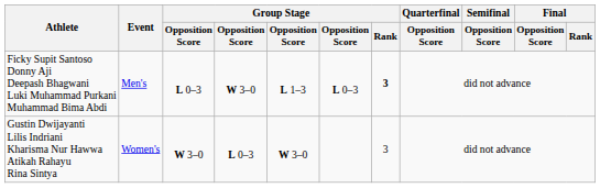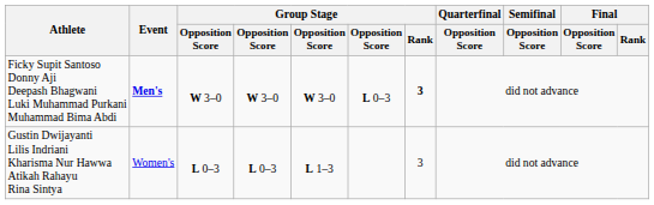 <table class=wikitable style=font-size:87%;text-align:center>
 <tr>
 <th rowspan="2">Athlete</th>
 <th rowspan="2">Event</th>
 <th colspan="5">Group Stage</th>
 <th>Quarterfinal</th>
 <th>Semifinal</th>
 <th colspan="2">Final</th>
 </tr>
 <tr style="font-size:95%">
 <th>Opposition<br>Score</th>
 <th>Opposition<br>Score</th>
 <th>Opposition<br>Score</th>
 <th>Opposition<br>Score</th>
 <th>Rank</th>
 <th>Opposition<br>Score</th>
 <th>Opposition<br>Score</th>
 <th>Opposition<br>Score</th>
 <th>Rank</th>
 </tr>
 <tr>
 <td align=left>Ficky Supit Santoso<br>Donny Aji<br>Deepash Bhagwani<br>Luki Muhammad Purkani<br>Muhammad Bima Abdi</td>
-<td align=left><a href='#'>Men's</a></td>
-<td><br><strong>L</strong> 0–3</td>
+<td align=left><strong><a href='#'>Men's</a></strong></td>
 <td><br><strong>W</strong> 3–0</td>
-<td><br><strong>L</strong> 1–3</td>
+<td><br><strong>W</strong> 3–0</td>
+<td><br><strong>W</strong> 3–0</td>
 <td><br><strong>L</strong> 0–3</td>
 <td><strong>3</strong></td>
 <td colspan=4>did not advance</td>
 </tr>
 <tr>
 <td align=left>Gustin Dwijayanti<br>Lilis Indriani<br>Kharisma Nur Hawwa<br>Atikah Rahayu<br>Rina Sintya</td>
 <td align=left><a href='#'>Women's</a></td>
-<td><br><strong>W</strong> 3–0</td>
 <td><br><strong>L</strong> 0–3</td>
-<td><br><strong>W</strong> 3–0</td>
+<td><br><strong>L</strong> 0–3</td>
+<td><br><strong>L</strong> 1–3</td>
 <td></td>
 <td>3</td>
 <td colspan=4>did not advance</td>
 </tr>
 </table>
